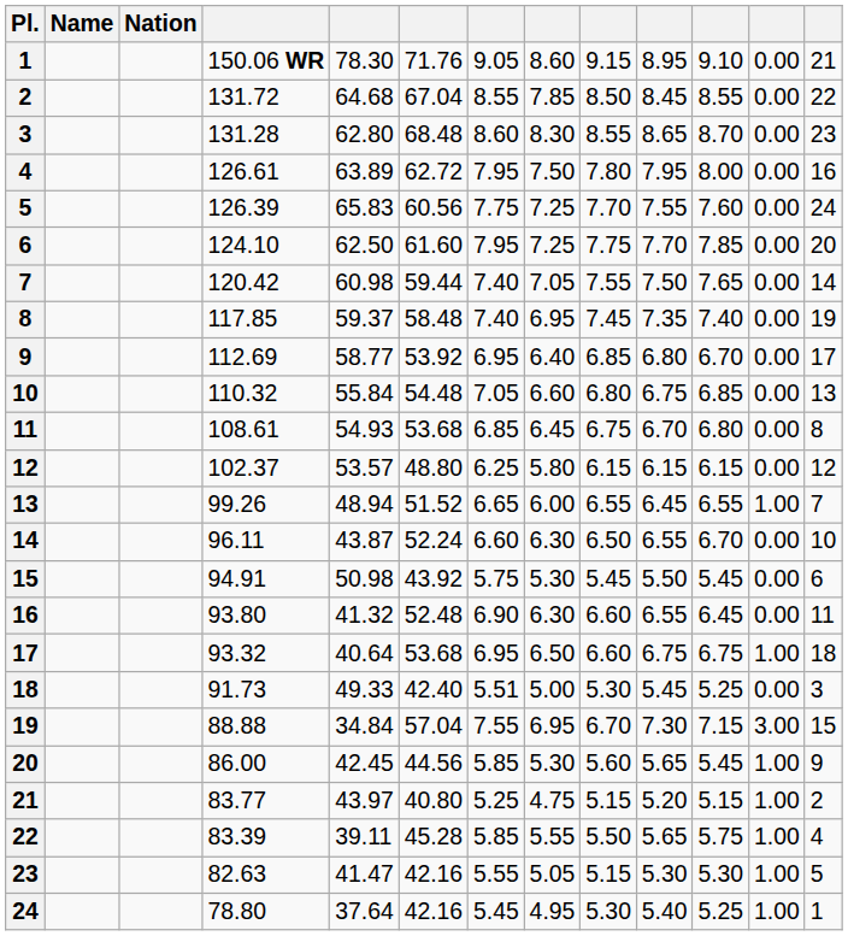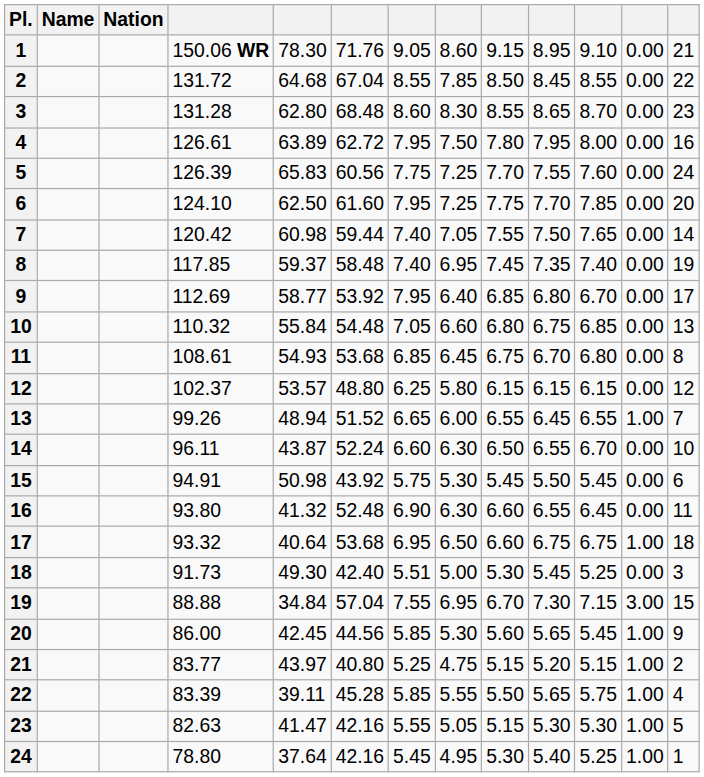 <table class="wikitable sortable">
 <tr>
 <th>Pl.</th>
 <th>Name</th>
 <th>Nation</th>
 <th></th>
 <th></th>
 <th></th>
 <th></th>
 <th></th>
 <th></th>
 <th></th>
 <th></th>
 <th></th>
 <th></th>
 </tr>
 <tr>
 <th>1</th>
 <td></td>
 <td></td>
 <td>150.06 <strong>WR</strong></td>
 <td>78.30</td>
 <td>71.76</td>
 <td>9.05</td>
 <td>8.60</td>
 <td>9.15</td>
 <td>8.95</td>
 <td>9.10</td>
 <td>0.00</td>
 <td>21</td>
 </tr>
 <tr>
 <th>2</th>
 <td></td>
 <td></td>
 <td>131.72</td>
 <td>64.68</td>
 <td>67.04</td>
 <td>8.55</td>
 <td>7.85</td>
 <td>8.50</td>
 <td>8.45</td>
 <td>8.55</td>
 <td>0.00</td>
 <td>22</td>
 </tr>
 <tr>
 <th>3</th>
 <td></td>
 <td></td>
 <td>131.28</td>
 <td>62.80</td>
 <td>68.48</td>
 <td>8.60</td>
 <td>8.30</td>
 <td>8.55</td>
 <td>8.65</td>
 <td>8.70</td>
 <td>0.00</td>
 <td>23</td>
 </tr>
 <tr>
 <th>4</th>
 <td></td>
 <td></td>
 <td>126.61</td>
 <td>63.89</td>
 <td>62.72</td>
 <td>7.95</td>
 <td>7.50</td>
 <td>7.80</td>
 <td>7.95</td>
 <td>8.00</td>
 <td>0.00</td>
 <td>16</td>
 </tr>
 <tr>
 <th>5</th>
 <td></td>
 <td></td>
 <td>126.39</td>
 <td>65.83</td>
 <td>60.56</td>
 <td>7.75</td>
 <td>7.25</td>
 <td>7.70</td>
 <td>7.55</td>
 <td>7.60</td>
 <td>0.00</td>
 <td>24</td>
 </tr>
 <tr>
 <th>6</th>
 <td></td>
 <td></td>
 <td>124.10</td>
 <td>62.50</td>
 <td>61.60</td>
 <td>7.95</td>
 <td>7.25</td>
 <td>7.75</td>
 <td>7.70</td>
 <td>7.85</td>
 <td>0.00</td>
 <td>20</td>
 </tr>
 <tr>
 <th>7</th>
 <td></td>
 <td></td>
 <td>120.42</td>
 <td>60.98</td>
 <td>59.44</td>
 <td>7.40</td>
 <td>7.05</td>
 <td>7.55</td>
 <td>7.50</td>
 <td>7.65</td>
 <td>0.00</td>
 <td>14</td>
 </tr>
 <tr>
 <th>8</th>
 <td></td>
 <td></td>
 <td>117.85</td>
 <td>59.37</td>
 <td>58.48</td>
 <td>7.40</td>
 <td>6.95</td>
 <td>7.45</td>
 <td>7.35</td>
 <td>7.40</td>
 <td>0.00</td>
 <td>19</td>
 </tr>
 <tr>
 <th>9</th>
 <td></td>
 <td></td>
 <td>112.69</td>
 <td>58.77</td>
 <td>53.92</td>
-<td>6.95</td>
+<td>7.95</td>
 <td>6.40</td>
 <td>6.85</td>
 <td>6.80</td>
 <td>6.70</td>
 <td>0.00</td>
 <td>17</td>
 </tr>
 <tr>
 <th>10</th>
 <td></td>
 <td></td>
 <td>110.32</td>
 <td>55.84</td>
 <td>54.48</td>
 <td>7.05</td>
 <td>6.60</td>
 <td>6.80</td>
 <td>6.75</td>
 <td>6.85</td>
 <td>0.00</td>
 <td>13</td>
 </tr>
 <tr>
 <th>11</th>
 <td></td>
 <td></td>
 <td>108.61</td>
 <td>54.93</td>
 <td>53.68</td>
 <td>6.85</td>
 <td>6.45</td>
 <td>6.75</td>
 <td>6.70</td>
 <td>6.80</td>
 <td>0.00</td>
 <td>8</td>
 </tr>
 <tr>
 <th>12</th>
 <td></td>
 <td></td>
 <td>102.37</td>
 <td>53.57</td>
 <td>48.80</td>
 <td>6.25</td>
 <td>5.80</td>
 <td>6.15</td>
 <td>6.15</td>
 <td>6.15</td>
 <td>0.00</td>
 <td>12</td>
 </tr>
 <tr>
 <th>13</th>
 <td></td>
 <td></td>
 <td>99.26</td>
 <td>48.94</td>
 <td>51.52</td>
 <td>6.65</td>
 <td>6.00</td>
 <td>6.55</td>
 <td>6.45</td>
 <td>6.55</td>
 <td>1.00</td>
 <td>7</td>
 </tr>
 <tr>
 <th>14</th>
 <td></td>
 <td></td>
 <td>96.11</td>
 <td>43.87</td>
 <td>52.24</td>
 <td>6.60</td>
 <td>6.30</td>
 <td>6.50</td>
 <td>6.55</td>
 <td>6.70</td>
 <td>0.00</td>
 <td>10</td>
 </tr>
 <tr>
 <th>15</th>
 <td></td>
 <td></td>
 <td>94.91</td>
 <td>50.98</td>
 <td>43.92</td>
 <td>5.75</td>
 <td>5.30</td>
 <td>5.45</td>
 <td>5.50</td>
 <td>5.45</td>
 <td>0.00</td>
 <td>6</td>
 </tr>
 <tr>
 <th>16</th>
 <td></td>
 <td></td>
 <td>93.80</td>
 <td>41.32</td>
 <td>52.48</td>
 <td>6.90</td>
 <td>6.30</td>
 <td>6.60</td>
 <td>6.55</td>
 <td>6.45</td>
 <td>0.00</td>
 <td>11</td>
 </tr>
 <tr>
 <th>17</th>
 <td></td>
 <td></td>
 <td>93.32</td>
 <td>40.64</td>
 <td>53.68</td>
 <td>6.95</td>
 <td>6.50</td>
 <td>6.60</td>
 <td>6.75</td>
 <td>6.75</td>
 <td>1.00</td>
 <td>18</td>
 </tr>
 <tr>
 <th>18</th>
 <td></td>
 <td></td>
 <td>91.73</td>
-<td>49.33</td>
+<td>49.30</td>
 <td>42.40</td>
 <td>5.51</td>
 <td>5.00</td>
 <td>5.30</td>
 <td>5.45</td>
 <td>5.25</td>
 <td>0.00</td>
 <td>3</td>
 </tr>
 <tr>
 <th>19</th>
 <td></td>
 <td></td>
 <td>88.88</td>
 <td>34.84</td>
 <td>57.04</td>
 <td>7.55</td>
 <td>6.95</td>
 <td>6.70</td>
 <td>7.30</td>
 <td>7.15</td>
 <td>3.00</td>
 <td>15</td>
 </tr>
 <tr>
 <th>20</th>
 <td></td>
 <td></td>
 <td>86.00</td>
 <td>42.45</td>
 <td>44.56</td>
 <td>5.85</td>
 <td>5.30</td>
 <td>5.60</td>
 <td>5.65</td>
 <td>5.45</td>
 <td>1.00</td>
 <td>9</td>
 </tr>
 <tr>
 <th>21</th>
 <td></td>
 <td></td>
 <td>83.77</td>
 <td>43.97</td>
 <td>40.80</td>
 <td>5.25</td>
 <td>4.75</td>
 <td>5.15</td>
 <td>5.20</td>
 <td>5.15</td>
 <td>1.00</td>
 <td>2</td>
 </tr>
 <tr>
 <th>22</th>
 <td></td>
 <td></td>
 <td>83.39</td>
 <td>39.11</td>
 <td>45.28</td>
 <td>5.85</td>
 <td>5.55</td>
 <td>5.50</td>
 <td>5.65</td>
 <td>5.75</td>
 <td>1.00</td>
 <td>4</td>
 </tr>
 <tr>
 <th>23</th>
 <td></td>
 <td></td>
 <td>82.63</td>
 <td>41.47</td>
 <td>42.16</td>
 <td>5.55</td>
 <td>5.05</td>
 <td>5.15</td>
 <td>5.30</td>
 <td>5.30</td>
 <td>1.00</td>
 <td>5</td>
 </tr>
 <tr>
 <th>24</th>
 <td></td>
 <td></td>
 <td>78.80</td>
 <td>37.64</td>
 <td>42.16</td>
 <td>5.45</td>
 <td>4.95</td>
 <td>5.30</td>
 <td>5.40</td>
 <td>5.25</td>
 <td>1.00</td>
 <td>1</td>
 </tr>
 </table>
